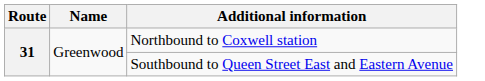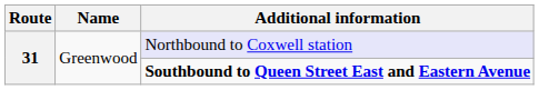 <table class="wikitable">
 <tr>
 <th>Route</th>
 <th>Name</th>
 <th>Additional information</th>
 </tr>
 <tr>
 <th rowspan="2">31</th>
 <td rowspan="2">Greenwood</td>
-<td>Northbound to <a href='#'>Coxwell station</a></td>
+<td style="background: lavender;">Northbound to <a href='#'>Coxwell station</a></td>
 </tr>
 <tr>
-<td>Southbound to <a href='#'>Queen Street East</a> and <a href='#'>Eastern Avenue</a></td>
+<td><strong>Southbound to <a href='#'>Queen Street East</a> and <a href='#'>Eastern Avenue</a></strong></td>
 </tr>
 </table>
